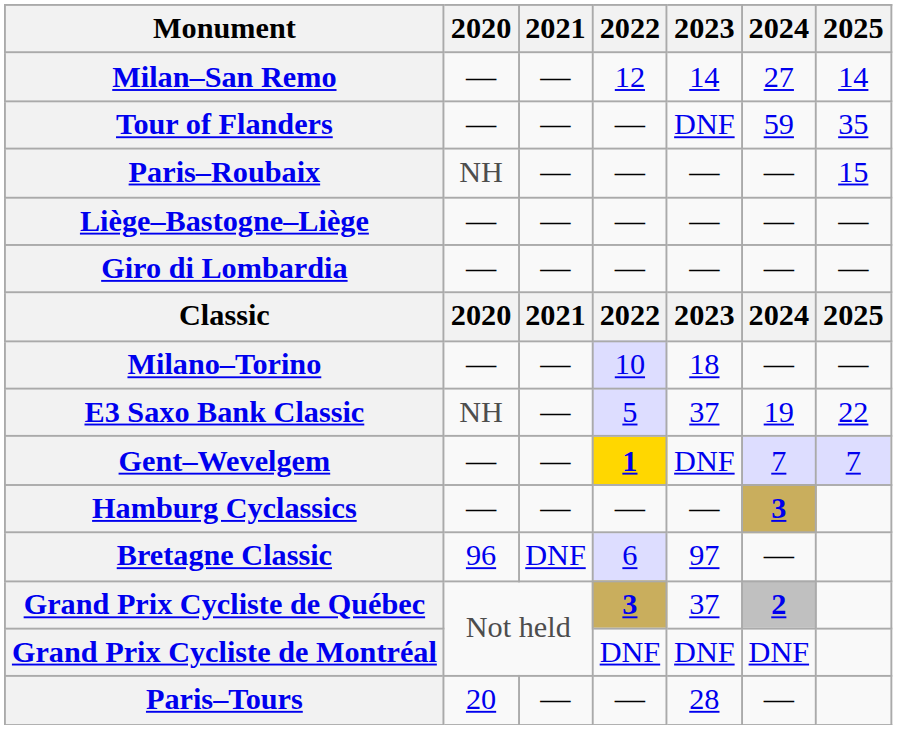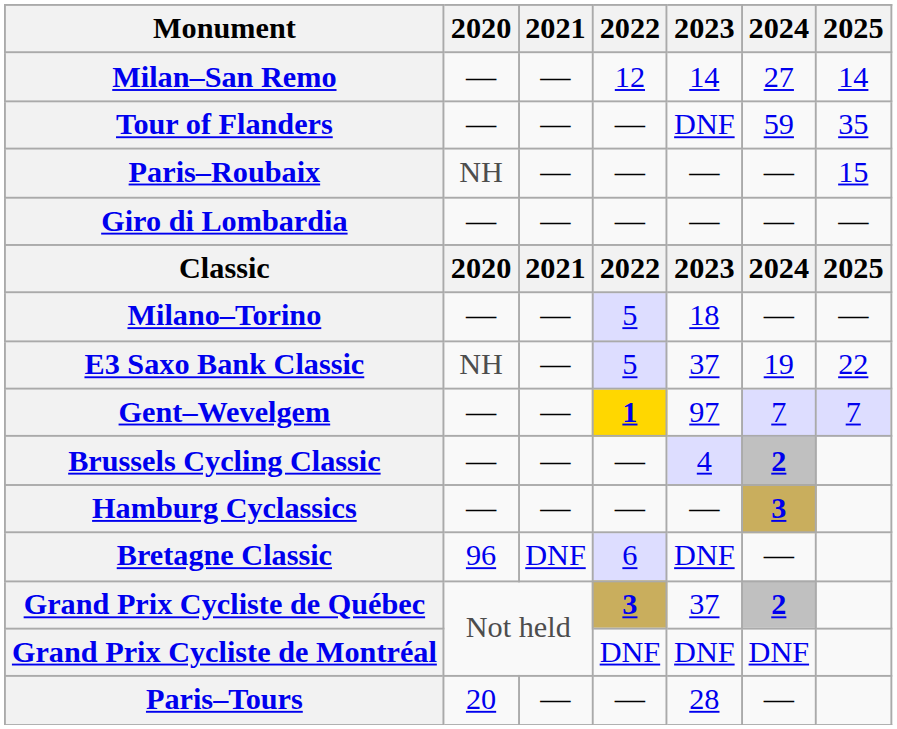 <table class="wikitable plainrowheaders">
 <tr>
 <th>Monument</th>
 <th scope="col">2020</th>
 <th scope="col">2021</th>
 <th scope="col">2022</th>
 <th scope="col">2023</th>
 <th scope="col">2024</th>
 <th scope="col">2025</th>
 </tr>
 <tr style="text-align:center;">
 <th scope="row"><a href='#'>Milan–San Remo</a></th>
 <td>—</td>
 <td>—</td>
 <td><a href='#'>12</a></td>
 <td><a href='#'>14</a></td>
 <td><a href='#'>27</a></td>
 <td><a href='#'>14</a></td>
 </tr>
 <tr style="text-align:center;">
 <th scope="row"><a href='#'>Tour of Flanders</a></th>
 <td>—</td>
 <td>—</td>
 <td>—</td>
 <td><a href='#'>DNF</a></td>
 <td><a href='#'>59</a></td>
 <td><a href='#'>35</a></td>
 </tr>
 <tr style="text-align:center;">
 <th scope="row"><a href='#'>Paris–Roubaix</a></th>
 <td style="color:#4d4d4d;">NH</td>
 <td>—</td>
 <td>—</td>
 <td>—</td>
 <td>—</td>
 <td><a href='#'>15</a></td>
 </tr>
 <tr style="text-align:center;">
-<th scope="row"><a href='#'>Liège–Bastogne–Liège</a></th>
-<td>—</td>
-<td>—</td>
-<td>—</td>
-<td>—</td>
-<td>—</td>
-<td>—</td>
-</tr>
-<tr style="text-align:center;">
 <th scope="row"><a href='#'>Giro di Lombardia</a></th>
 <td>—</td>
 <td>—</td>
 <td>—</td>
 <td>—</td>
 <td>—</td>
 <td>—</td>
 </tr>
 <tr>
 <th>Classic</th>
 <th scope="col">2020</th>
 <th scope="col">2021</th>
 <th scope="col">2022</th>
 <th scope="col">2023</th>
 <th scope="col">2024</th>
 <th scope="col">2025</th>
 </tr>
 <tr style="text-align:center;">
 <th scope="row"><a href='#'>Milano–Torino</a></th>
 <td>—</td>
 <td>—</td>
-<td style="background:#ddf;"><a href='#'>10</a></td>
+<td style="background:#ddf;"><a href='#'>5</a></td>
 <td><a href='#'>18</a></td>
 <td>—</td>
 <td>—</td>
 </tr>
 <tr style="text-align:center;">
 <th scope="row"><a href='#'>E3 Saxo Bank Classic</a></th>
 <td style="color:#4d4d4d;">NH</td>
 <td>—</td>
 <td style="background:#ddf;"><a href='#'>5</a></td>
 <td><a href='#'>37</a></td>
 <td><a href='#'>19</a></td>
 <td><a href='#'>22</a></td>
 </tr>
 <tr style="text-align:center;">
 <th scope="row"><a href='#'>Gent–Wevelgem</a></th>
 <td>—</td>
 <td>—</td>
 <td style="background:gold;"><a href='#'><strong>1</strong></a></td>
-<td><a href='#'>DNF</a></td>
+<td><a href='#'>97</a></td>
 <td style="background:#ddf;"><a href='#'>7</a></td>
 <td style="background:#ddf;"><a href='#'>7</a></td>
+</tr>
+<tr style="text-align:center;">
+<th scope="row"><a href='#'>Brussels Cycling Classic</a></th>
+<td>—</td>
+<td>—</td>
+<td>—</td>
+<td style="background:#ddf;"><a href='#'>4</a></td>
+<td style="background:silver;"><a href='#'><strong>2</strong></a></td>
+<td></td>
 </tr>
 <tr style="text-align:center;">
 <th scope="row"><a href='#'>Hamburg Cyclassics</a></th>
 <td>—</td>
 <td>—</td>
 <td>—</td>
 <td>—</td>
 <td style="background:#C9AE5D;"><a href='#'><strong>3</strong></a></td>
 <td></td>
 </tr>
 <tr style="text-align:center;">
 <th scope="row"><a href='#'>Bretagne Classic</a></th>
 <td><a href='#'>96</a></td>
 <td><a href='#'>DNF</a></td>
 <td style="background:#ddf;"><a href='#'>6</a></td>
-<td><a href='#'>97</a></td>
+<td><a href='#'>DNF</a></td>
 <td>—</td>
 <td></td>
 </tr>
 <tr style="text-align:center;">
 <th scope="row"><a href='#'>Grand Prix Cycliste de Québec</a></th>
 <td style="color:#4d4d4d;" colspan=2 rowspan=2>Not held</td>
 <td style="background:#C9AE5D;"><a href='#'><strong>3</strong></a></td>
 <td><a href='#'>37</a></td>
 <td style="background:silver;"><a href='#'><strong>2</strong></a></td>
 <td></td>
 </tr>
 <tr style="text-align:center;">
 <th scope="row"><a href='#'>Grand Prix Cycliste de Montréal</a></th>
 <td><a href='#'>DNF</a></td>
 <td><a href='#'>DNF</a></td>
 <td><a href='#'>DNF</a></td>
 <td></td>
 </tr>
 <tr style="text-align:center;">
 <th scope="row"><a href='#'>Paris–Tours</a></th>
 <td><a href='#'>20</a></td>
 <td>—</td>
 <td>—</td>
 <td><a href='#'>28</a></td>
 <td>—</td>
 <td></td>
 </tr>
 </table>
